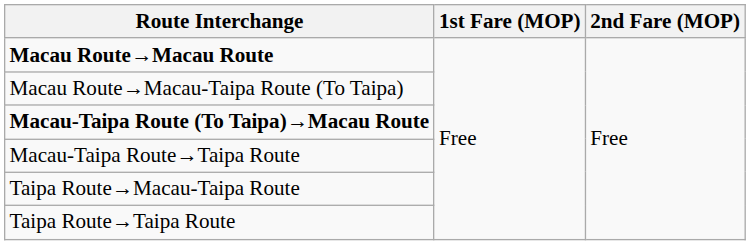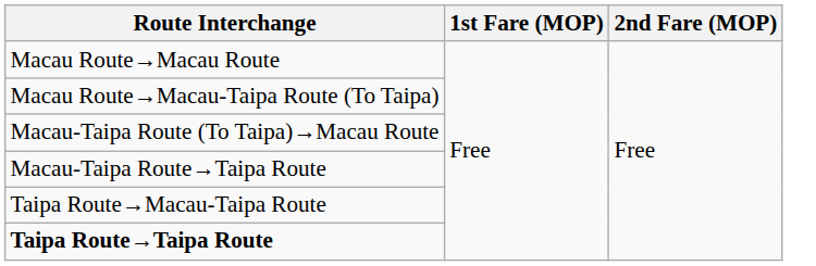 <table class="wikitable" border="1">
 <tr>
 <th>Route Interchange</th>
 <th>1st Fare (MOP)</th>
 <th>2nd Fare (MOP)</th>
 </tr>
 <tr>
-<td><strong>Macau Route→Macau Route</strong></td>
+<td>Macau Route→Macau Route</td>
 <td rowspan="6">Free</td>
 <td rowspan="6">Free</td>
 </tr>
 <tr>
 <td>Macau Route→Macau-Taipa Route (To Taipa)</td>
 </tr>
 <tr>
-<td><strong>Macau-Taipa Route (To Taipa)→Macau Route</strong></td>
+<td>Macau-Taipa Route (To Taipa)→Macau Route</td>
 </tr>
 <tr>
 <td>Macau-Taipa Route→Taipa Route</td>
 </tr>
 <tr>
 <td>Taipa Route→Macau-Taipa Route</td>
 </tr>
 <tr>
-<td>Taipa Route→Taipa Route</td>
+<td><strong>Taipa Route→Taipa Route</strong></td>
 </tr>
 </table>
